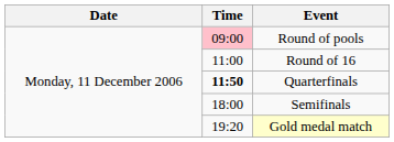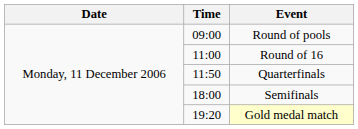 <table class = "wikitable" style="text-align:center;">
 <tr>
 <th width=220>Date</th>
 <th width=50>Time</th>
 <th width=150>Event</th>
 </tr>
 <tr>
 <td rowspan=5>Monday, 11 December 2006</td>
-<td style="background: pink;">09:00</td>
+<td>09:00</td>
 <td>Round of pools</td>
 </tr>
 <tr>
 <td>11:00</td>
 <td>Round of 16</td>
 </tr>
 <tr>
-<td><strong>11:50</strong></td>
+<td>11:50</td>
 <td>Quarterfinals</td>
 </tr>
 <tr>
 <td>18:00</td>
 <td>Semifinals</td>
 </tr>
 <tr>
 <td>19:20</td>
 <td bgcolor=ffffcc>Gold medal match</td>
 </tr>
 </table>
